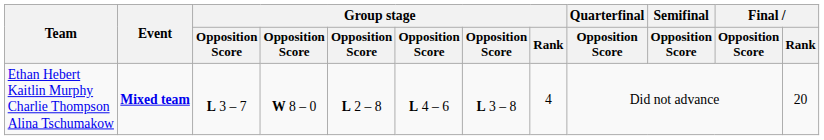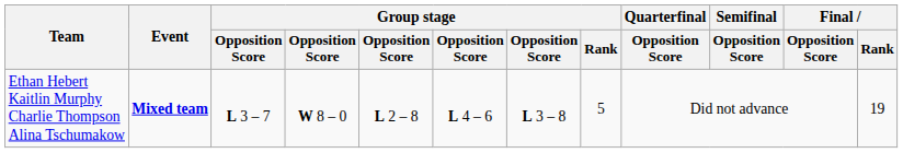 <table class="wikitable" style="font-size:90%">
 <tr>
 <th rowspan=2>Team</th>
 <th rowspan=2>Event</th>
 <th colspan=6>Group stage</th>
 <th>Quarterfinal</th>
 <th>Semifinal</th>
 <th colspan=2>Final / </th>
 </tr>
 <tr style="font-size:95%">
 <th>Opposition<br>Score</th>
 <th>Opposition<br>Score</th>
 <th>Opposition<br>Score</th>
 <th>Opposition<br>Score</th>
 <th>Opposition<br>Score</th>
 <th>Rank</th>
 <th>Opposition<br>Score</th>
 <th>Opposition<br>Score</th>
 <th>Opposition<br>Score</th>
 <th>Rank</th>
 </tr>
 <tr align=center>
 <td align=left><a href='#'>Ethan Hebert</a><br><a href='#'>Kaitlin Murphy</a><br><a href='#'>Charlie Thompson</a><br><a href='#'>Alina Tschumakow</a><br></td>
 <td align=left><strong><a href='#'>Mixed team</a></strong></td>
 <td><br><strong>L</strong> 3 – 7</td>
 <td><br><strong>W</strong> 8 – 0</td>
 <td><br><strong>L</strong> 2 – 8</td>
 <td><br><strong>L</strong> 4 – 6</td>
 <td><br><strong>L</strong> 3 – 8</td>
-<td>4</td>
+<td>5</td>
 <td align=center colspan=3>Did not advance</td>
-<td>20</td>
+<td>19</td>
 </tr>
 </table>
